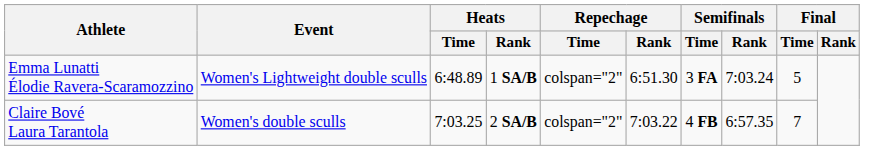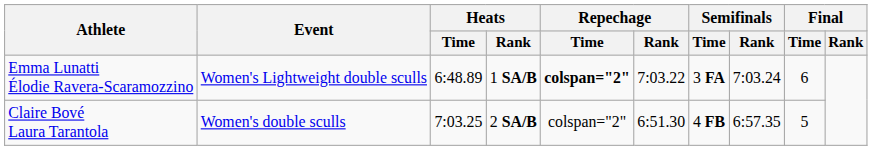 <table class="wikitable" style="font-size:90%">
 <tr>
 <th rowspan="2">Athlete</th>
 <th rowspan="2">Event</th>
 <th colspan="2">Heats</th>
 <th colspan="2">Repechage</th>
 <th colspan="2">Semifinals</th>
 <th colspan="2">Final</th>
 </tr>
 <tr style="font-size:95%">
 <th>Time</th>
 <th>Rank</th>
 <th>Time</th>
 <th>Rank</th>
 <th>Time</th>
 <th>Rank</th>
 <th>Time</th>
 <th>Rank</th>
 </tr>
 <tr align=center>
 <td align=left><a href='#'>Emma Lunatti</a><br><a href='#'>Élodie Ravera-Scaramozzino</a></td>
 <td align=left><a href='#'>Women's Lightweight double sculls</a></td>
 <td>6:48.89</td>
 <td>1 <strong>SA/B</strong></td>
-<td>colspan="2" </td>
-<td>6:51.30</td>
+<td><strong>colspan="2" </strong></td>
+<td>7:03.22</td>
 <td>3 <strong>FA</strong></td>
 <td>7:03.24</td>
-<td>5</td>
+<td>6</td>
 </tr>
 <tr align=center>
 <td align=left><a href='#'>Claire Bové</a><br><a href='#'>Laura Tarantola</a></td>
 <td align=left><a href='#'>Women's double sculls</a></td>
 <td>7:03.25</td>
 <td>2 <strong>SA/B</strong></td>
 <td>colspan="2" </td>
-<td>7:03.22</td>
+<td>6:51.30</td>
 <td>4 <strong>FB</strong></td>
 <td>6:57.35</td>
-<td>7</td>
+<td>5</td>
 </tr>
 </table>
